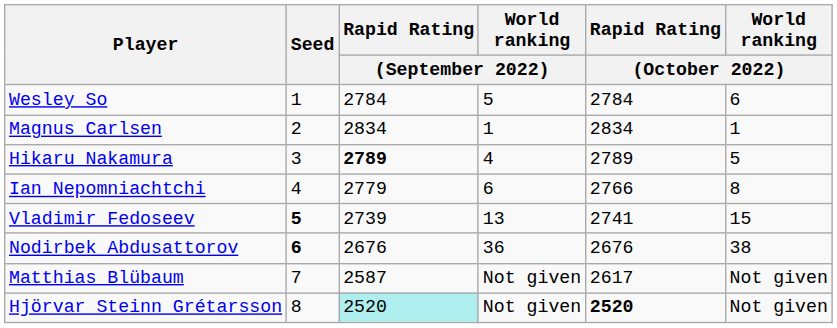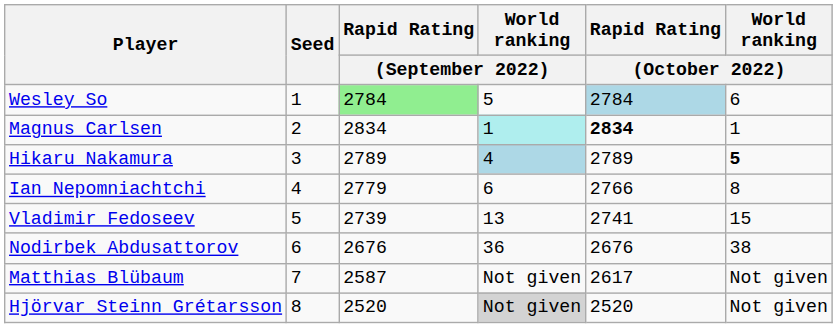 <table class="wikitable sortable" style="text-align: left;">
 <tr>
 <th rowspan=2>Player</th>
 <th rowspan=2>Seed</th>
 <th>Rapid Rating</th>
 <th>World<br>ranking</th>
 <th>Rapid Rating</th>
 <th>World<br>ranking</th>
 </tr>
 <tr>
 <th colspan=2>(September 2022)</th>
 <th colspan=2>(October 2022)</th>
 </tr>
 <tr>
 <td> <a href='#'>Wesley So</a></td>
 <td>1</td>
-<td>2784</td>
+<td style="background: lightgreen;">2784</td>
 <td>5</td>
-<td>2784</td>
+<td style="background: lightblue;">2784</td>
 <td>6</td>
 </tr>
 <tr>
 <td> <a href='#'>Magnus Carlsen</a></td>
 <td>2</td>
 <td>2834</td>
-<td>1</td>
-<td>2834</td>
+<td style="background: paleturquoise;">1</td>
+<td><strong>2834</strong></td>
 <td>1</td>
 </tr>
 <tr>
 <td> <a href='#'>Hikaru Nakamura</a></td>
 <td>3</td>
-<td><strong>2789</strong></td>
-<td>4</td>
 <td>2789</td>
-<td>5</td>
+<td style="background: lightblue;">4</td>
+<td>2789</td>
+<td><strong>5</strong></td>
 </tr>
 <tr>
 <td> <a href='#'>Ian Nepomniachtchi</a></td>
 <td>4</td>
 <td>2779</td>
 <td>6</td>
 <td>2766</td>
 <td>8</td>
 </tr>
 <tr>
 <td> <a href='#'>Vladimir Fedoseev</a></td>
-<td><strong>5</strong></td>
+<td>5</td>
 <td>2739</td>
 <td>13</td>
 <td>2741</td>
 <td>15</td>
 </tr>
 <tr>
 <td> <a href='#'>Nodirbek Abdusattorov</a></td>
-<td><strong>6</strong></td>
+<td>6</td>
 <td>2676</td>
 <td>36</td>
 <td>2676</td>
 <td>38</td>
 </tr>
 <tr>
 <td> <a href='#'>Matthias Blübaum</a></td>
 <td>7</td>
 <td>2587</td>
 <td>Not given</td>
 <td>2617</td>
 <td>Not given</td>
 </tr>
 <tr>
 <td> <a href='#'>Hjörvar Steinn Grétarsson</a></td>
 <td>8</td>
-<td style="background: paleturquoise;">2520</td>
-<td>Not given</td>
-<td><strong>2520</strong></td>
+<td>2520</td>
+<td style="background: lightgrey;">Not given</td>
+<td>2520</td>
 <td>Not given</td>
 </tr>
 </table>
